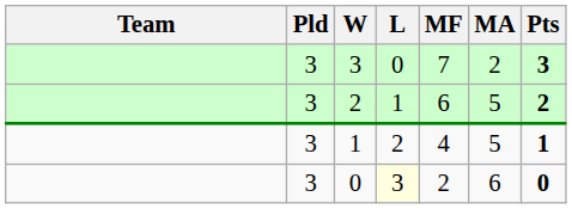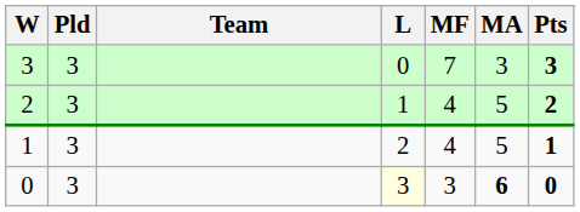 <table class=wikitable style="text-align:center">
 <tr>
+<th width=20>W</th>
+<th width=20>Pld</th>
 <th width=175>Team</th>
-<th width=20>Pld</th>
-<th width=20>W</th>
 <th width=20>L</th>
 <th width=20>MF</th>
 <th width=20>MA</th>
 <th width=20>Pts</th>
 </tr>
 <tr bgcolor=ccffcc>
-<td style="text-align:left"></td>
 <td>3</td>
 <td>3</td>
+<td style="text-align:left"></td>
 <td>0</td>
 <td>7</td>
-<td>2</td>
+<td>3</td>
 <td><strong>3</strong></td>
 </tr>
 <tr bgcolor=ccffcc style="border-bottom:2px solid green;">
+<td>2</td>
+<td>3</td>
 <td style="text-align:left"></td>
-<td>3</td>
-<td>2</td>
 <td>1</td>
-<td>6</td>
+<td>4</td>
 <td>5</td>
 <td><strong>2</strong></td>
 </tr>
 <tr>
+<td>1</td>
+<td>3</td>
 <td style="text-align:left"></td>
-<td>3</td>
-<td>1</td>
 <td>2</td>
 <td>4</td>
 <td>5</td>
 <td><strong>1</strong></td>
 </tr>
 <tr>
+<td>0</td>
+<td>3</td>
 <td style="text-align:left"></td>
+<td style="background: lightyellow;">3</td>
 <td>3</td>
-<td>0</td>
-<td style="background: lightyellow;">3</td>
-<td>2</td>
-<td>6</td>
+<td><strong>6</strong></td>
 <td><strong>0</strong></td>
 </tr>
 </table>
